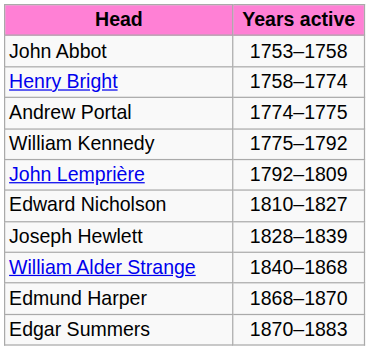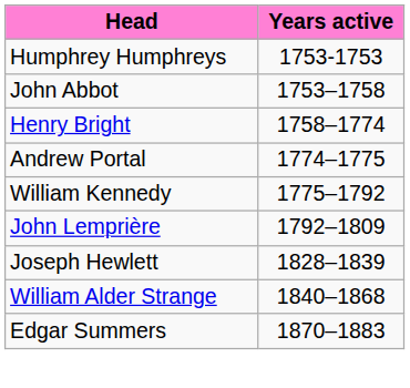 <table class="wikitable" style="font-size: 100%;">
 <tr>
 <th width=180 style="background: #ff80d5;">Head</th>
 <th width=100 style="background: #ff80d5;">Years active</th>
+</tr>
+<tr align=center>
+<td align="left">Humphrey Humphreys</td>
+<td>1753-1753</td>
 </tr>
 <tr align=center>
 <td align="left">John Abbot</td>
 <td>1753–1758</td>
 </tr>
 <tr align=center>
 <td align="left"><a href='#'>Henry Bright</a></td>
 <td>1758–1774</td>
 </tr>
 <tr align=center>
 <td align="left">Andrew Portal</td>
 <td>1774–1775</td>
 </tr>
 <tr align=center>
 <td align="left">William Kennedy</td>
 <td>1775–1792</td>
 </tr>
 <tr align=center>
 <td align="left"><a href='#'>John Lemprière</a></td>
 <td>1792–1809</td>
 </tr>
 <tr align=center>
-<td align="left">Edward Nicholson</td>
-<td>1810–1827</td>
-</tr>
-<tr align=center>
 <td align="left">Joseph Hewlett</td>
 <td>1828–1839</td>
 </tr>
 <tr align=center>
 <td align="left"><a href='#'>William Alder Strange</a></td>
 <td>1840–1868</td>
 </tr>
 <tr align=center>
-<td align="left">Edmund Harper</td>
-<td>1868–1870</td>
-</tr>
-<tr align=center>
 <td align="left">Edgar Summers</td>
 <td>1870–1883</td>
 </tr>
 </table>
